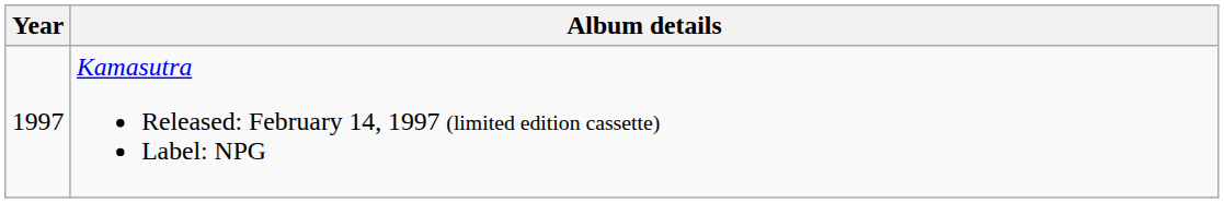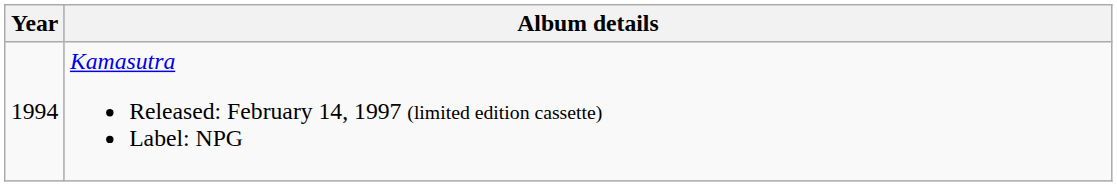 <table class="wikitable">
 <tr>
 <th style="width:33px;">Year</th>
 <th style="width:700px;">Album details</th>
 </tr>
 <tr>
-<td style="text-align:center;">1997</td>
+<td style="text-align:center;">1994</td>
 <td align="left"><em><a href='#'>Kamasutra</a></em><br><ul><li>Released: February 14, 1997 <small>(limited edition cassette)</small></li><li>Label: NPG</li></ul></td>
 </tr>
 </table>
